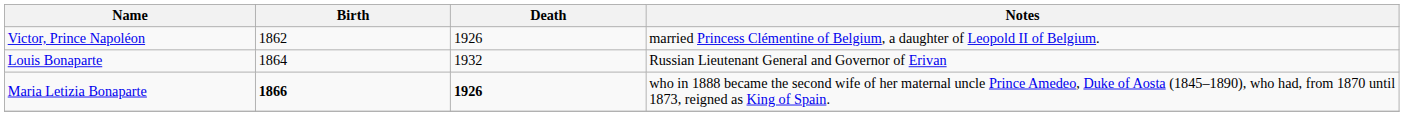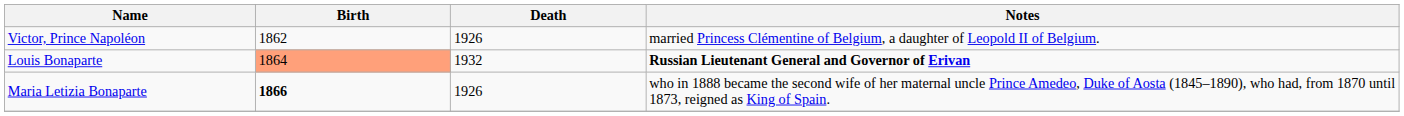 <table class="wikitable sortable">
 <tr>
 <th width="18%">Name</th>
 <th width="14%">Birth</th>
 <th width="14%">Death</th>
 <th width="62%">Notes</th>
 </tr>
 <tr>
 <td><a href='#'>Victor, Prince Napoléon</a></td>
 <td>1862</td>
 <td>1926</td>
 <td>married <a href='#'>Princess Clémentine of Belgium</a>, a daughter of <a href='#'>Leopold II of Belgium</a>.</td>
 </tr>
 <tr>
 <td><a href='#'>Louis Bonaparte</a></td>
-<td>1864</td>
+<td style="background: lightsalmon;">1864</td>
 <td>1932</td>
-<td>Russian Lieutenant General and Governor of <a href='#'>Erivan</a></td>
+<td><strong>Russian Lieutenant General and Governor of <a href='#'>Erivan</a></strong></td>
 </tr>
 <tr>
 <td><a href='#'>Maria Letizia Bonaparte</a></td>
 <td><strong>1866</strong></td>
-<td><strong>1926</strong></td>
+<td>1926</td>
 <td>who in 1888 became the second wife of her maternal uncle <a href='#'>Prince Amedeo</a>, <a href='#'>Duke of Aosta</a> (1845–1890), who had, from 1870 until 1873, reigned as <a href='#'>King of Spain</a>.</td>
 </tr>
 <tr>
 </tr>
 </table>
